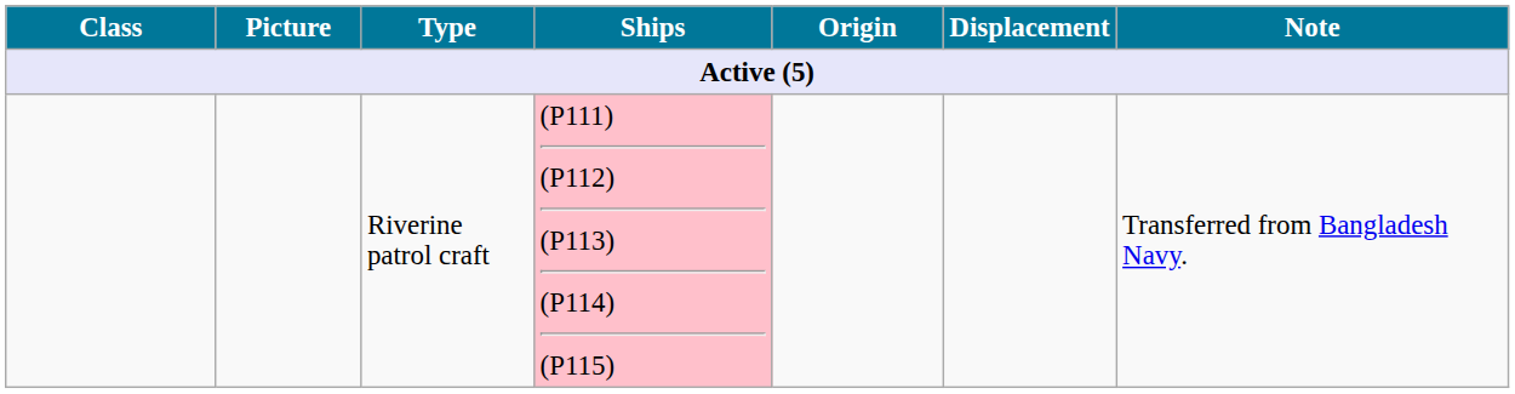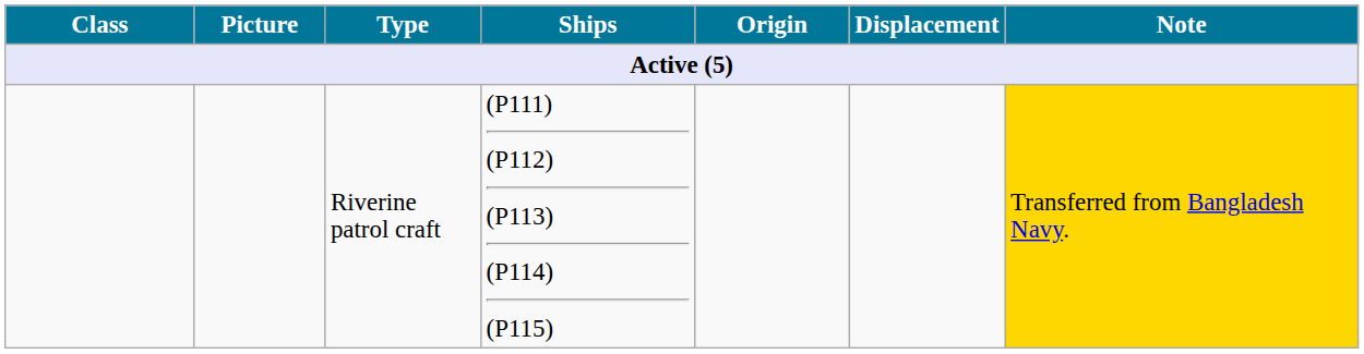 <table class="wikitable">
 <tr>
 <th style="color:#fff; background:#079; width:15%;">Class</th>
 <th style="color:#fff; background:#079; width:10%;">Picture</th>
 <th style="color:#fff; background:#079; width:12%;">Type</th>
 <th style="color:#fff; background:#079; width:17%;">Ships</th>
 <th style="color:#fff; background:#079; width:12%;">Origin</th>
 <th style="color:#fff; background:#079; width:6%;">Displacement</th>
 <th style="color:#fff; background:#079; width:28%;">Note</th>
 </tr>
 <tr>
 <th colspan="7" style="background: lavender;">Active (5)</th>
 </tr>
 <tr>
 <td></td>
 <td></td>
 <td>Riverine patrol craft</td>
-<td style="background: pink;"> (P111)<hr> (P112)<hr> (P113)<hr> (P114)<hr> (P115)</td>
+<td> (P111)<hr> (P112)<hr> (P113)<hr> (P114)<hr> (P115)</td>
 <td></td>
 <td></td>
-<td>Transferred from <a href='#'>Bangladesh Navy</a>.</td>
+<td style="background: gold;">Transferred from <a href='#'>Bangladesh Navy</a>.</td>
 </tr>
 </table>
